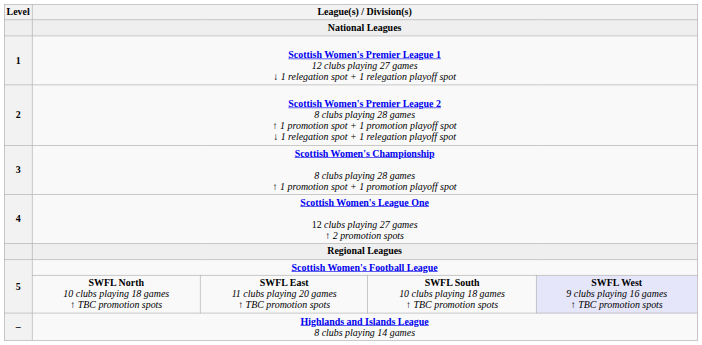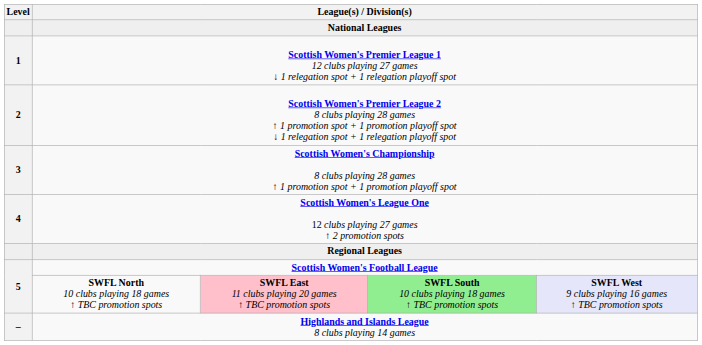 <table class="wikitable" style="text-align: center;">
 <tr>
 <th colspan="1" width="4%">Level</th>
 <th colspan="4" width="96%">League(s) / Division(s)</th>
 </tr>
 <tr>
 <td style="background-color: #efefef"></td>
 <td colspan="4" style="background-color: #efefef"><strong>National Leagues</strong></td>
 </tr>
 <tr>
 <th colspan="1" width="4%">1</th>
 <td colspan="4" width="96%"><br><strong><a href='#'>Scottish Women's Premier League 1</a></strong><br> <em>12 clubs playing 27 games</em><br> <em>↓ 1 relegation spot + 1 relegation playoff spot</em></td>
 </tr>
 <tr>
 <th colspan="1" width="4%">2</th>
 <td colspan="4" width="96%"><br><strong><a href='#'>Scottish Women's Premier League 2</a></strong><br> <em>8 clubs playing 28 games</em><br> <em>↑ 1 promotion spot + 1 promotion playoff spot</em><br> <em>↓ 1 relegation spot + 1 relegation playoff spot</em></td>
 </tr>
 <tr>
 <th colspan="1">3</th>
 <td colspan="4"><strong><a href='#'>Scottish Women's Championship</a></strong><br><br><em>8 clubs playing 28 games</em><br> <em>↑ 1 promotion spot + 1 promotion playoff spot</em></td>
 </tr>
 <tr>
 <th colspan="1">4</th>
 <td colspan="4"><strong><a href='#'>Scottish Women's League One</a></strong><br><br>12 <em>clubs playing 27 games</em><br> <em>↑ 2 promotion spots</em></td>
 </tr>
 <tr>
 <td style="background-color: #efefef"></td>
 <td colspan="5" style="background-color: #efefef"><strong>Regional Leagues</strong></td>
 </tr>
 <tr>
 <th rowspan="2">5</th>
 <td colspan="5"><strong><a href='#'>Scottish Women's Football League</a></strong></td>
 </tr>
 <tr>
 <td><strong>SWFL North</strong><br><em>10 clubs playing 18 games</em><br> <em>↑ TBC promotion spots</em></td>
-<td><strong>SWFL East</strong><br><em>11 clubs playing 20 games</em><br> <em>↑ TBC promotion spots</em></td>
-<td><strong>SWFL South</strong><br><em>10 clubs playing 18 games</em><br> <em>↑ TBC promotion spots</em></td>
+<td style="background: pink;"><strong>SWFL East</strong><br><em>11 clubs playing 20 games</em><br> <em>↑ TBC promotion spots</em></td>
+<td style="background: lightgreen;"><strong>SWFL South</strong><br><em>10 clubs playing 18 games</em><br> <em>↑ TBC promotion spots</em></td>
 <td style="background: lavender;"><strong>SWFL West</strong><br><em>9 clubs playing 16 games</em><br> <em>↑ TBC promotion spots</em></td>
 </tr>
 <tr>
 <th>–</th>
 <td colspan="5"><strong><a href='#'>Highlands and Islands League</a></strong><br><em>8 clubs playing 14 games</em></td>
 </tr>
 </table>
